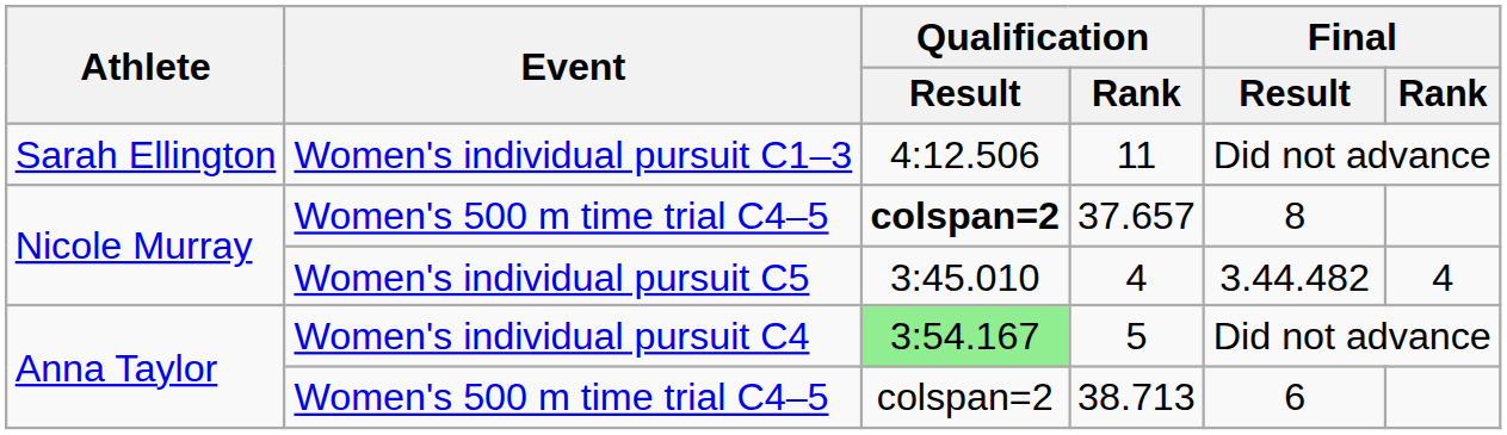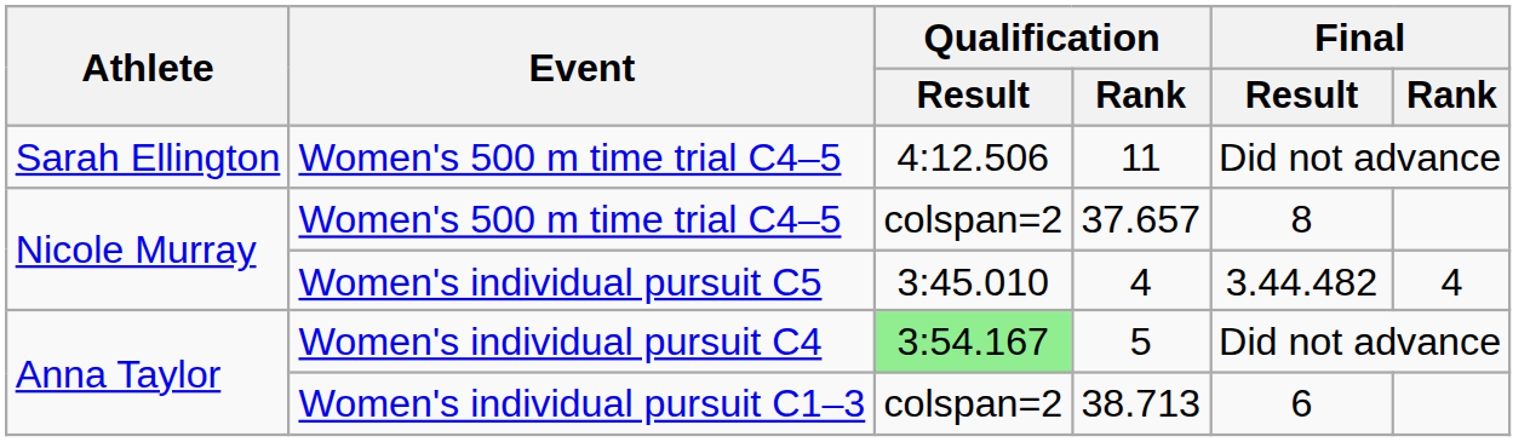 <table class="wikitable" style="font-size:90%;text-align:center;">
 <tr>
 <th rowspan="2">Athlete</th>
 <th rowspan="2">Event</th>
 <th colspan="2">Qualification</th>
 <th colspan="2">Final</th>
 </tr>
 <tr style="font-size:95%">
 <th>Result</th>
 <th>Rank</th>
 <th>Result</th>
 <th>Rank</th>
 </tr>
 <tr>
 <td style="text-align:left;"><a href='#'>Sarah Ellington</a></td>
-<td style="text-align:left;"><a href='#'>Women's individual pursuit C1–3</a></td>
+<td style="text-align:left;"><a href='#'>Women's 500 m time trial C4–5</a></td>
 <td>4:12.506</td>
 <td>11</td>
 <td colspan="2">Did not advance</td>
 </tr>
 <tr>
 <td style="text-align:left;" rowspan=2><a href='#'>Nicole Murray</a></td>
 <td style="text-align:left;"><a href='#'>Women's 500 m time trial C4–5</a></td>
-<td><strong>colspan=2 </strong></td>
+<td>colspan=2 </td>
 <td>37.657</td>
 <td>8</td>
 </tr>
 <tr>
 <td style="text-align:left;"><a href='#'>Women's individual pursuit C5</a></td>
 <td>3:45.010</td>
 <td>4 <strong></strong></td>
 <td>3.44.482</td>
 <td>4</td>
 </tr>
 <tr>
 <td style="text-align:left;" rowspan=2><a href='#'>Anna Taylor</a></td>
 <td style="text-align:left;"><a href='#'>Women's individual pursuit C4</a></td>
 <td style="background: lightgreen;">3:54.167</td>
 <td>5</td>
 <td colspan="2">Did not advance</td>
 </tr>
 <tr>
-<td style="text-align:left;"><a href='#'>Women's 500 m time trial C4–5</a></td>
+<td style="text-align:left;"><a href='#'>Women's individual pursuit C1–3</a></td>
 <td>colspan=2 </td>
 <td>38.713</td>
 <td>6</td>
 </tr>
 </table>
